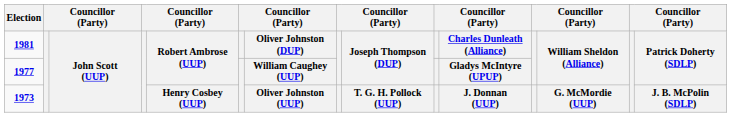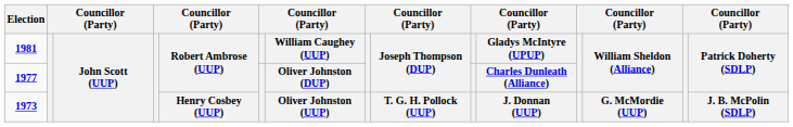 <table class="wikitable" style="text-align:center">
 <tr>
 <th scope="col" width="50">Election</th>
 <th scope="col" width="150" colspan = "2">Councillor<br> (Party)</th>
 <th scope="col" width="150" colspan = "2">Councillor<br> (Party)</th>
 <th scope="col" width="150" colspan = "2">Councillor<br> (Party)</th>
 <th scope="col" width="150" colspan = "2">Councillor<br> (Party)</th>
 <th scope="col" width="150" colspan = "2">Councillor<br> (Party)</th>
 <th scope="col" width="150" colspan = "2">Councillor<br> (Party)</th>
 <th scope="col" width="150" colspan = "2">Councillor<br> (Party)</th>
 </tr>
 <tr>
 <td><strong><a href='#'>1981</a></strong></td>
 <th rowspan="3" width="1" style="background-color: "></th>
 <th rowspan = "3">John Scott <br> (<a href='#'>UUP</a>)</th>
 <th rowspan="3" width="1" style="background-color: "></th>
 <th rowspan = "2">Robert Ambrose <br> (<a href='#'>UUP</a>)</th>
 <th rowspan="1" width="1" style="background-color: "></th>
-<th rowspan = "1">Oliver Johnston <br> (<a href='#'>DUP</a>)</th>
+<th rowspan = "1">William Caughey <br> (<a href='#'>UUP</a>)</th>
 <th rowspan="2" width="1" style="background-color: "></th>
 <th rowspan = "2">Joseph Thompson <br> (<a href='#'>DUP</a>)</th>
 <th rowspan="1" width="1" style="background-color: "></th>
-<th rowspan = "1"><a href='#'>Charles Dunleath</a> <br> (<a href='#'>Alliance</a>)</th>
+<th rowspan = "1">Gladys McIntyre <br> (<a href='#'>UPUP</a>)</th>
 <th rowspan="2" width="1" style="background-color: "></th>
 <th rowspan = "2">William Sheldon <br> (<a href='#'>Alliance</a>)</th>
 <th rowspan="3" width="1" style="background-color: "></th>
 <th rowspan = "2">Patrick Doherty <br> (<a href='#'>SDLP</a>)</th>
 </tr>
 <tr>
 <td><strong><a href='#'>1977</a></strong></td>
 <th rowspan="2" width="1" style="background-color: "></th>
-<th rowspan = "1">William Caughey <br> (<a href='#'>UUP</a>)</th>
+<th rowspan = "1">Oliver Johnston <br> (<a href='#'>DUP</a>)</th>
 <th rowspan="1" width="1" style="background-color: "></th>
-<th rowspan = "1">Gladys McIntyre <br> (<a href='#'>UPUP</a>)</th>
+<th rowspan = "1"><a href='#'>Charles Dunleath</a> <br> (<a href='#'>Alliance</a>)</th>
 </tr>
 <tr>
 <td><strong><a href='#'>1973</a></strong></td>
 <th rowspan = "1">Henry Cosbey <br> (<a href='#'>UUP</a>)</th>
 <th rowspan = "1">Oliver Johnston <br> (<a href='#'>UUP</a>)</th>
 <th rowspan="1" width="1" style="background-color: "></th>
 <th rowspan = "1">T. G. H. Pollock <br> (<a href='#'>UUP</a>)</th>
 <th rowspan="1" width="1" style="background-color: "></th>
 <th rowspan = "1">J. Donnan <br> (<a href='#'>UUP</a>)</th>
 <th rowspan="1" width="1" style="background-color: "></th>
 <th rowspan = "1">G. McMordie <br> (<a href='#'>UUP</a>)</th>
 <th rowspan = "1">J. B. McPolin <br> (<a href='#'>SDLP</a>)</th>
 </tr>
 </table>
